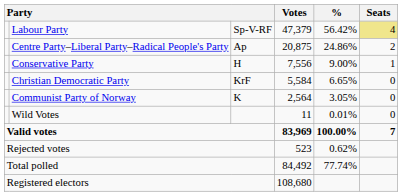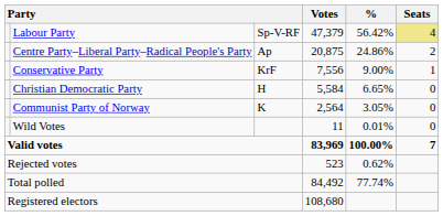 <table class="wikitable" border="1" style="text-align:right;">
 <tr>
 <th style="text-align:left;" colspan=3>Party</th>
 <th align=center width="50">Votes</th>
 <th align=center width="50">%</th>
 <th align=center width="50">Seats</th>
 </tr>
 <tr>
 <td style="color:inherit;background:"></td>
 <td align=left><a href='#'>Labour Party</a></td>
 <td align=left>Sp-V-RF</td>
 <td>47,379</td>
 <td>56.42%</td>
 <td style="background: khaki;">4</td>
 </tr>
 <tr>
 <td></td>
 <td align=left><a href='#'>Centre Party</a>–<a href='#'>Liberal Party</a>–<a href='#'>Radical People's Party</a></td>
 <td align=left>Ap</td>
 <td>20,875</td>
 <td>24.86%</td>
 <td>2</td>
 </tr>
 <tr>
 <td style="color:inherit;background:"></td>
 <td align=left><a href='#'>Conservative Party</a></td>
-<td align=left>H</td>
+<td align=left>KrF</td>
 <td>7,556</td>
 <td>9.00%</td>
 <td>1</td>
 </tr>
 <tr>
 <td style="color:inherit;background:"></td>
 <td align=left><a href='#'>Christian Democratic Party</a></td>
-<td align=left>KrF</td>
+<td align=left>H</td>
 <td>5,584</td>
 <td>6.65%</td>
 <td>0</td>
 </tr>
 <tr>
 <td style="color:inherit;background:"></td>
 <td align=left><a href='#'>Communist Party of Norway</a></td>
 <td align=left>K</td>
 <td>2,564</td>
 <td>3.05%</td>
 <td>0</td>
 </tr>
 <tr>
 <td></td>
 <td align=left>Wild Votes</td>
 <td align=left></td>
 <td>11</td>
 <td>0.01%</td>
 <td>0</td>
 </tr>
 <tr style="font-weight:bold">
 <td align=left colspan=3>Valid votes</td>
 <td>83,969</td>
 <td>100.00%</td>
 <td>7</td>
 </tr>
 <tr>
 <td align=left colspan=3>Rejected votes</td>
 <td>523</td>
 <td>0.62%</td>
 <td></td>
 </tr>
 <tr>
 <td align=left colspan=3>Total polled</td>
 <td>84,492</td>
 <td>77.74%</td>
 <td></td>
 </tr>
 <tr>
 <td align=left colspan=3>Registered electors</td>
 <td>108,680</td>
 <td></td>
 <td></td>
 </tr>
 </table>
